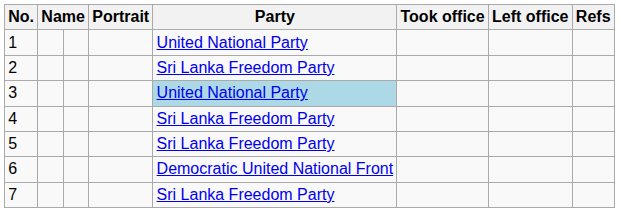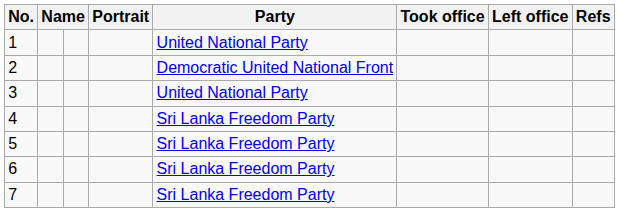 <table class="wikitable plainrowheaders sortable" style="font-size:100%; text-align:left;">
 <tr>
 <th>No.</th>
 <th colspan="2">Name</th>
 <th class=unsortable>Portrait</th>
 <th>Party</th>
 <th>Took office</th>
 <th>Left office</th>
 <th class=unsortable>Refs</th>
 </tr>
 <tr>
 <td>1</td>
 <td !align="center" style="background:"></td>
 <td></td>
 <td></td>
 <td><a href='#'>United National Party</a></td>
 <td align=center></td>
 <td align=center></td>
 <td align=center></td>
 </tr>
 <tr>
 <td>2</td>
 <td !align="center" style="background:"></td>
 <td></td>
 <td></td>
-<td><a href='#'>Sri Lanka Freedom Party</a></td>
+<td><a href='#'>Democratic United National Front</a></td>
 <td align=center></td>
 <td align=center></td>
 <td align=center></td>
 </tr>
 <tr>
 <td>3</td>
 <td !align="center" style="background:"></td>
 <td></td>
 <td></td>
-<td style="background: lightblue;"><a href='#'>United National Party</a></td>
+<td><a href='#'>United National Party</a></td>
 <td align=center></td>
 <td align=center></td>
 <td align=center></td>
 </tr>
 <tr>
 <td>4</td>
 <td !align="center" style="background:"></td>
 <td></td>
 <td></td>
 <td><a href='#'>Sri Lanka Freedom Party</a></td>
 <td align=center></td>
 <td align=center></td>
 <td align=center></td>
 </tr>
 <tr>
 <td>5</td>
 <td !align="center" style="background:"></td>
 <td></td>
 <td></td>
 <td><a href='#'>Sri Lanka Freedom Party</a></td>
 <td align=center></td>
 <td align=center></td>
 <td align=center></td>
 </tr>
 <tr>
 <td>6</td>
 <td !align="center" style="background:"></td>
 <td></td>
 <td></td>
-<td><a href='#'>Democratic United National Front</a></td>
+<td><a href='#'>Sri Lanka Freedom Party</a></td>
 <td align=center></td>
 <td align=center></td>
 <td align=center></td>
 </tr>
 <tr>
 <td>7</td>
 <td !align="center" style="background:"></td>
 <td></td>
 <td></td>
 <td><a href='#'>Sri Lanka Freedom Party</a></td>
 <td align=center></td>
 <td align=center></td>
 <td align=center></td>
 </tr>
 </table>
